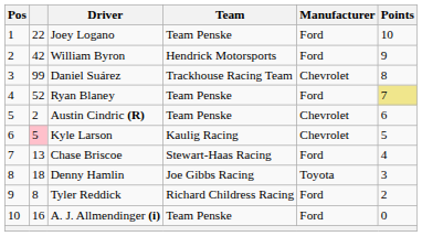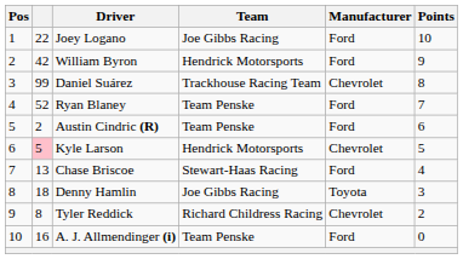 <table class="wikitable" style="font-size:98%">
 <tr>
 <th>Pos</th>
 <th></th>
 <th>Driver</th>
 <th>Team</th>
 <th>Manufacturer</th>
 <th>Points</th>
 </tr>
 <tr>
 <td>1</td>
 <td>22</td>
 <td>Joey Logano</td>
-<td>Team Penske</td>
+<td>Joe Gibbs Racing</td>
 <td>Ford</td>
 <td>10</td>
 </tr>
 <tr>
 <td>2</td>
 <td>42</td>
 <td>William Byron</td>
 <td>Hendrick Motorsports</td>
 <td>Ford</td>
 <td>9</td>
 </tr>
 <tr>
 <td>3</td>
 <td>99</td>
 <td>Daniel Suárez</td>
 <td>Trackhouse Racing Team</td>
 <td>Chevrolet</td>
 <td>8</td>
 </tr>
 <tr>
 <td>4</td>
 <td>52</td>
 <td>Ryan Blaney</td>
 <td>Team Penske</td>
 <td>Ford</td>
-<td style="background: khaki;">7</td>
+<td>7</td>
 </tr>
 <tr>
 <td>5</td>
 <td>2</td>
 <td>Austin Cindric <strong>(R)</strong></td>
 <td>Team Penske</td>
-<td>Chevrolet</td>
+<td>Ford</td>
 <td>6</td>
 </tr>
 <tr>
 <td>6</td>
 <td style="background: pink;">5</td>
 <td>Kyle Larson</td>
-<td>Kaulig Racing</td>
+<td>Hendrick Motorsports</td>
 <td>Chevrolet</td>
 <td>5</td>
 </tr>
 <tr>
 <td>7</td>
 <td>13</td>
 <td>Chase Briscoe</td>
 <td>Stewart-Haas Racing</td>
 <td>Ford</td>
 <td>4</td>
 </tr>
 <tr>
 <td>8</td>
 <td>18</td>
 <td>Denny Hamlin</td>
 <td>Joe Gibbs Racing</td>
 <td>Toyota</td>
 <td>3</td>
 </tr>
 <tr>
 <td>9</td>
 <td>8</td>
 <td>Tyler Reddick</td>
 <td>Richard Childress Racing</td>
-<td>Ford</td>
+<td>Chevrolet</td>
 <td>2</td>
 </tr>
 <tr>
 <td>10</td>
 <td>16</td>
 <td>A. J. Allmendinger <strong>(i)</strong></td>
 <td>Team Penske</td>
 <td>Ford</td>
 <td>0</td>
 </tr>
 <tr>
 <th colspan="6"></th>
 </tr>
 </table>
